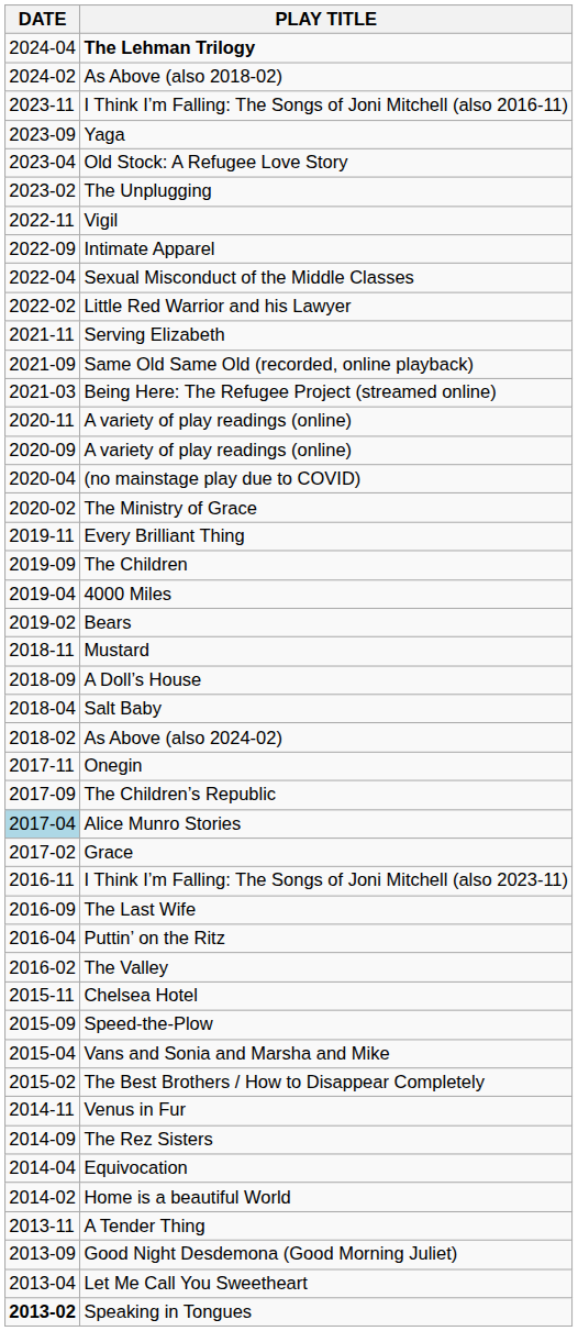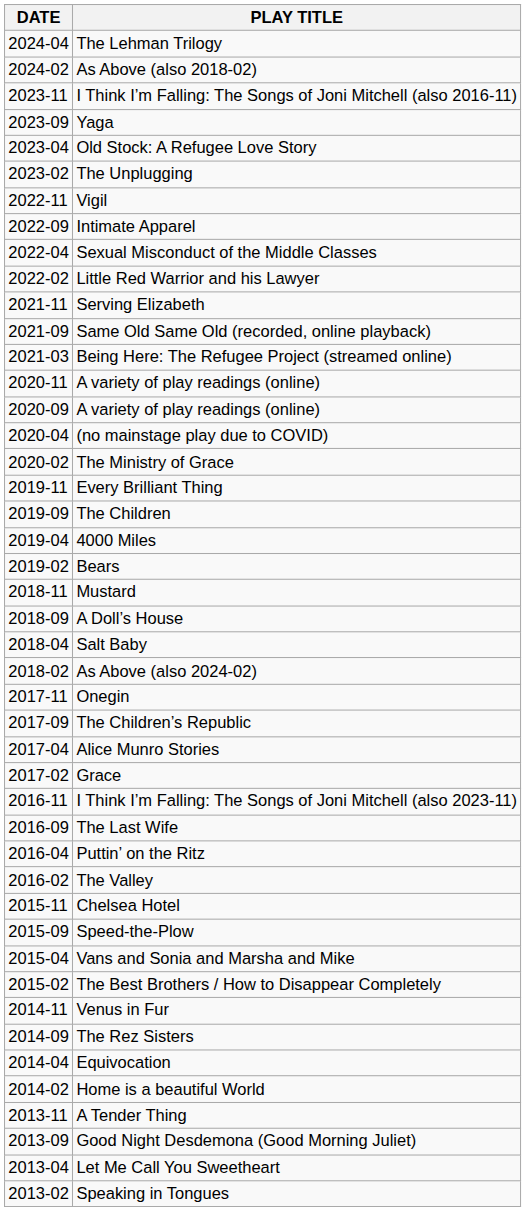 <table class="wikitable sortable">
 <tr>
 <th>DATE</th>
 <th>PLAY TITLE</th>
 </tr>
 <tr>
 <td>2024-04</td>
-<td><strong>The Lehman Trilogy</strong></td>
+<td>The Lehman Trilogy</td>
 </tr>
 <tr>
 <td>2024-02</td>
 <td>As Above (also 2018-02)</td>
 </tr>
 <tr>
 <td>2023-11</td>
 <td>I Think I’m Falling: The Songs of Joni Mitchell (also 2016-11)</td>
 </tr>
 <tr>
 <td>2023-09</td>
 <td>Yaga</td>
 </tr>
 <tr>
 <td>2023-04</td>
 <td>Old Stock: A Refugee Love Story</td>
 </tr>
 <tr>
 <td>2023-02</td>
 <td>The Unplugging</td>
 </tr>
 <tr>
 <td>2022-11</td>
 <td>Vigil</td>
 </tr>
 <tr>
 <td>2022-09</td>
 <td>Intimate Apparel</td>
 </tr>
 <tr>
 <td>2022-04</td>
 <td>Sexual Misconduct of the Middle Classes</td>
 </tr>
 <tr>
 <td>2022-02</td>
 <td>Little Red Warrior and his Lawyer</td>
 </tr>
 <tr>
 <td>2021-11</td>
 <td>Serving Elizabeth</td>
 </tr>
 <tr>
 <td>2021-09</td>
 <td>Same Old Same Old (recorded, online playback)</td>
 </tr>
 <tr>
 <td>2021-03</td>
 <td>Being Here: The Refugee Project (streamed online)</td>
 </tr>
 <tr>
 <td>2020-11</td>
 <td>A variety of play readings (online)</td>
 </tr>
 <tr>
 <td>2020-09</td>
 <td>A variety of play readings (online)</td>
 </tr>
 <tr>
 <td>2020-04</td>
 <td>(no mainstage play due to COVID)</td>
 </tr>
 <tr>
 <td>2020-02</td>
 <td>The Ministry of Grace</td>
 </tr>
 <tr>
 <td>2019-11</td>
 <td>Every Brilliant Thing</td>
 </tr>
 <tr>
 <td>2019-09</td>
 <td>The Children</td>
 </tr>
 <tr>
 <td>2019-04</td>
 <td>4000 Miles</td>
 </tr>
 <tr>
 <td>2019-02</td>
 <td>Bears</td>
 </tr>
 <tr>
 <td>2018-11</td>
 <td>Mustard</td>
 </tr>
 <tr>
 <td>2018-09</td>
 <td>A Doll’s House</td>
 </tr>
 <tr>
 <td>2018-04</td>
 <td>Salt Baby</td>
 </tr>
 <tr>
 <td>2018-02</td>
 <td>As Above (also 2024-02)</td>
 </tr>
 <tr>
 <td>2017-11</td>
 <td>Onegin</td>
 </tr>
 <tr>
 <td>2017-09</td>
 <td>The Children’s Republic</td>
 </tr>
 <tr>
-<td style="background: lightblue;">2017-04</td>
+<td>2017-04</td>
 <td>Alice Munro Stories</td>
 </tr>
 <tr>
 <td>2017-02</td>
 <td>Grace</td>
 </tr>
 <tr>
 <td>2016-11</td>
 <td>I Think I’m Falling: The Songs of Joni Mitchell (also 2023-11)</td>
 </tr>
 <tr>
 <td>2016-09</td>
 <td>The Last Wife</td>
 </tr>
 <tr>
 <td>2016-04</td>
 <td>Puttin’ on the Ritz</td>
 </tr>
 <tr>
 <td>2016-02</td>
 <td>The Valley</td>
 </tr>
 <tr>
 <td>2015-11</td>
 <td>Chelsea Hotel</td>
 </tr>
 <tr>
 <td>2015-09</td>
 <td>Speed-the-Plow</td>
 </tr>
 <tr>
 <td>2015-04</td>
 <td>Vans and Sonia and Marsha and Mike</td>
 </tr>
 <tr>
 <td>2015-02</td>
 <td>The Best Brothers / How to Disappear Completely</td>
 </tr>
 <tr>
 <td>2014-11</td>
 <td>Venus in Fur</td>
 </tr>
 <tr>
 <td>2014-09</td>
 <td>The Rez Sisters</td>
 </tr>
 <tr>
 <td>2014-04</td>
 <td>Equivocation</td>
 </tr>
 <tr>
 <td>2014-02</td>
 <td>Home is a beautiful World</td>
 </tr>
 <tr>
 <td>2013-11</td>
 <td>A Tender Thing</td>
 </tr>
 <tr>
 <td>2013-09</td>
 <td>Good Night Desdemona (Good Morning Juliet)</td>
 </tr>
 <tr>
 <td>2013-04</td>
 <td>Let Me Call You Sweetheart</td>
 </tr>
 <tr>
-<td><strong>2013-02</strong></td>
+<td>2013-02</td>
 <td>Speaking in Tongues</td>
 </tr>
 </table>
